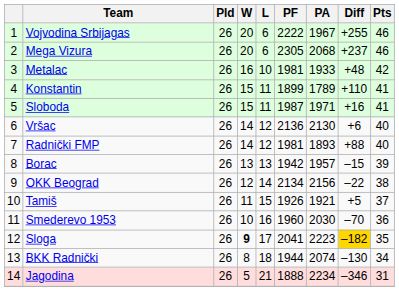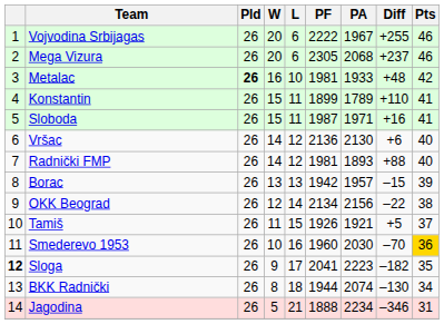 <table class="wikitable sortable" style="text-align:center">
 <tr>
 <th></th>
 <th width="250">Team</th>
 <th>Pld</th>
 <th>W</th>
 <th>L</th>
 <th>PF</th>
 <th>PA</th>
 <th>Diff</th>
 <th>Pts</th>
 </tr>
 <tr style="background: #ddffdd">
 <td>1</td>
 <td align=left><a href='#'>Vojvodina Srbijagas</a></td>
 <td>26</td>
 <td>20</td>
 <td>6</td>
 <td>2222</td>
 <td>1967</td>
 <td>+255</td>
 <td>46</td>
 </tr>
 <tr style="background: #ddffdd">
 <td>2</td>
 <td align=left><a href='#'>Mega Vizura</a></td>
 <td>26</td>
 <td>20</td>
 <td>6</td>
 <td>2305</td>
 <td>2068</td>
 <td>+237</td>
 <td>46</td>
 </tr>
 <tr style="background: #ddffdd">
 <td>3</td>
 <td align=left><a href='#'>Metalac</a></td>
-<td>26</td>
+<td><strong>26</strong></td>
 <td>16</td>
 <td>10</td>
 <td>1981</td>
 <td>1933</td>
 <td>+48</td>
 <td>42</td>
 </tr>
 <tr style="background: #ddffdd">
 <td>4</td>
 <td align=left><a href='#'>Konstantin</a></td>
 <td>26</td>
 <td>15</td>
 <td>11</td>
 <td>1899</td>
 <td>1789</td>
 <td>+110</td>
 <td>41</td>
 </tr>
 <tr style="background: #ddffdd">
 <td>5</td>
 <td align=left><a href='#'>Sloboda</a></td>
 <td>26</td>
 <td>15</td>
 <td>11</td>
 <td>1987</td>
 <td>1971</td>
 <td>+16</td>
 <td>41</td>
 </tr>
 <tr>
 <td>6</td>
 <td align=left><a href='#'>Vršac</a></td>
 <td>26</td>
 <td>14</td>
 <td>12</td>
 <td>2136</td>
 <td>2130</td>
 <td>+6</td>
 <td>40</td>
 </tr>
 <tr>
 <td>7</td>
 <td align=left><a href='#'>Radnički FMP</a></td>
 <td>26</td>
 <td>14</td>
 <td>12</td>
 <td>1981</td>
 <td>1893</td>
 <td>+88</td>
 <td>40</td>
 </tr>
 <tr>
 <td>8</td>
 <td align=left><a href='#'>Borac</a></td>
 <td>26</td>
 <td>13</td>
 <td>13</td>
 <td>1942</td>
 <td>1957</td>
 <td>–15</td>
 <td>39</td>
 </tr>
 <tr>
 <td>9</td>
 <td align=left><a href='#'>OKK Beograd</a></td>
 <td>26</td>
 <td>12</td>
 <td>14</td>
 <td>2134</td>
 <td>2156</td>
 <td>–22</td>
 <td>38</td>
 </tr>
 <tr>
 <td>10</td>
 <td align=left><a href='#'>Tamiš</a></td>
 <td>26</td>
 <td>11</td>
 <td>15</td>
 <td>1926</td>
 <td>1921</td>
 <td>+5</td>
 <td>37</td>
 </tr>
 <tr>
 <td>11</td>
 <td align=left><a href='#'>Smederevo 1953</a></td>
 <td>26</td>
 <td>10</td>
 <td>16</td>
 <td>1960</td>
 <td>2030</td>
 <td>–70</td>
-<td>36</td>
+<td style="background: gold;">36</td>
 </tr>
 <tr>
-<td>12</td>
+<td><strong>12</strong></td>
 <td align=left><a href='#'>Sloga</a></td>
 <td>26</td>
-<td><strong>9</strong></td>
+<td>9</td>
 <td>17</td>
 <td>2041</td>
 <td>2223</td>
-<td style="background: gold;">–182</td>
+<td>–182</td>
 <td>35</td>
 </tr>
 <tr>
 <td>13</td>
 <td align=left><a href='#'>BKK Radnički</a></td>
 <td>26</td>
 <td>8</td>
 <td>18</td>
 <td>1944</td>
 <td>2074</td>
 <td>–130</td>
 <td>34</td>
 </tr>
 <tr style="background: #ffdddd">
 <td>14</td>
 <td align=left><a href='#'>Jagodina</a></td>
 <td>26</td>
 <td>5</td>
 <td>21</td>
 <td>1888</td>
 <td>2234</td>
 <td>–346</td>
 <td>31</td>
 </tr>
 <tr>
 </tr>
 </table>
